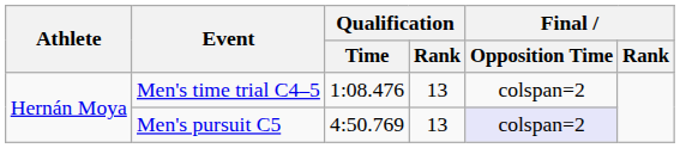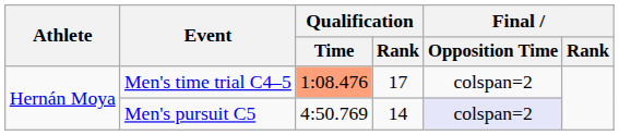 <table class=wikitable style="font-size:90%">
 <tr>
 <th rowspan="2">Athlete</th>
 <th rowspan="2">Event</th>
 <th colspan="2">Qualification</th>
 <th colspan="2">Final / </th>
 </tr>
 <tr style="font-size:95%">
 <th>Time</th>
 <th>Rank</th>
 <th>Opposition Time</th>
 <th>Rank</th>
 </tr>
 <tr align=center>
 <td rowspan=2 align=left><a href='#'>Hernán Moya</a></td>
 <td align=left><a href='#'>Men's time trial C4–5</a></td>
-<td>1:08.476</td>
-<td>13</td>
+<td style="background: lightsalmon;">1:08.476</td>
+<td>17</td>
 <td>colspan=2  </td>
 </tr>
 <tr align=center>
 <td align=left><a href='#'>Men's pursuit C5</a></td>
 <td>4:50.769</td>
-<td>13</td>
+<td>14</td>
 <td style="background: lavender;">colspan=2  </td>
 </tr>
 </table>
